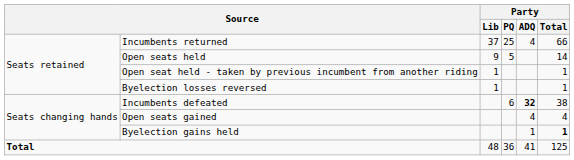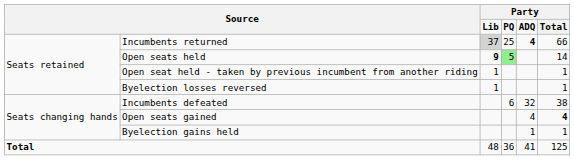 <table class="wikitable" style="text-align:right;">
 <tr>
 <th colspan="2" rowspan="2">Source</th>
 <th colspan="4">Party</th>
 </tr>
 <tr>
 <td><strong>Lib</strong></td>
 <td><strong>PQ</strong></td>
 <td><strong>ADQ</strong></td>
 <th>Total</th>
 </tr>
 <tr>
 <td rowspan="4" style="text-align:left;">Seats retained</td>
 <td style="text-align:left;">Incumbents returned</td>
-<td>37</td>
+<td style="background: lightgrey;">37</td>
 <td>25</td>
-<td>4</td>
+<td><strong>4</strong></td>
 <td>66</td>
 </tr>
 <tr>
 <td style="text-align:left;">Open seats held</td>
-<td>9</td>
-<td>5</td>
+<td><strong>9</strong></td>
+<td style="background: lightgreen;">5</td>
 <td></td>
 <td>14</td>
 </tr>
 <tr>
 <td style="text-align:left;">Open seat held - taken by previous incumbent from another riding</td>
 <td>1</td>
 <td></td>
 <td></td>
 <td>1</td>
 </tr>
 <tr>
 <td style="text-align:left;">Byelection losses reversed</td>
 <td>1</td>
 <td></td>
 <td></td>
 <td>1</td>
 </tr>
 <tr>
 <td rowspan="3" style="text-align:left;">Seats changing hands</td>
 <td style="text-align:left;">Incumbents defeated</td>
 <td></td>
 <td>6</td>
-<td><strong>32</strong></td>
+<td>32</td>
 <td>38</td>
 </tr>
 <tr>
 <td style="text-align:left;">Open seats gained</td>
 <td></td>
 <td></td>
 <td>4</td>
-<td>4</td>
+<td><strong>4</strong></td>
 </tr>
 <tr>
 <td style="text-align:left;">Byelection gains held</td>
 <td></td>
 <td></td>
 <td>1</td>
-<td><strong>1</strong></td>
+<td>1</td>
 </tr>
 <tr>
 <td colspan="2" style="text-align:left;"><strong>Total</strong></td>
 <td>48</td>
 <td>36</td>
 <td>41</td>
 <td>125</td>
 </tr>
 </table>
